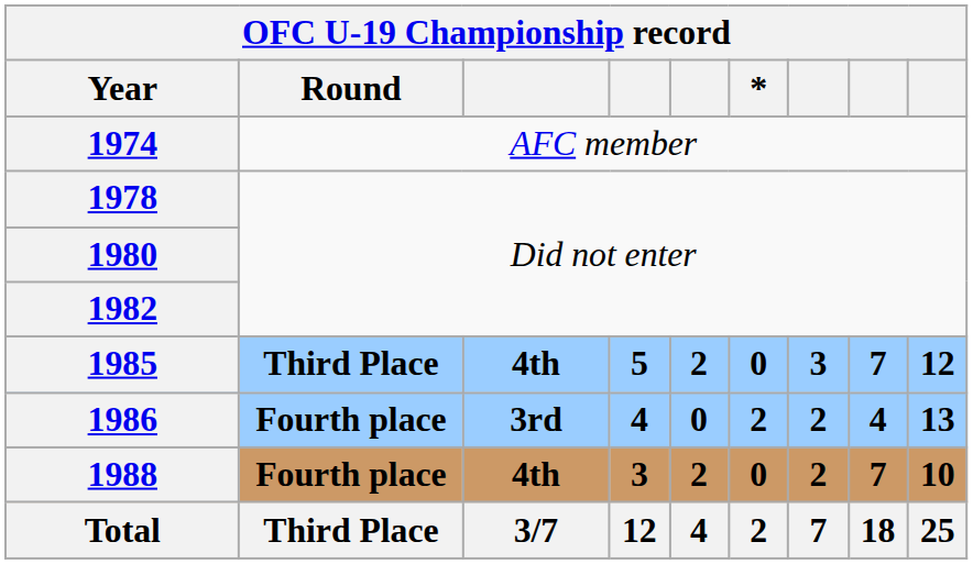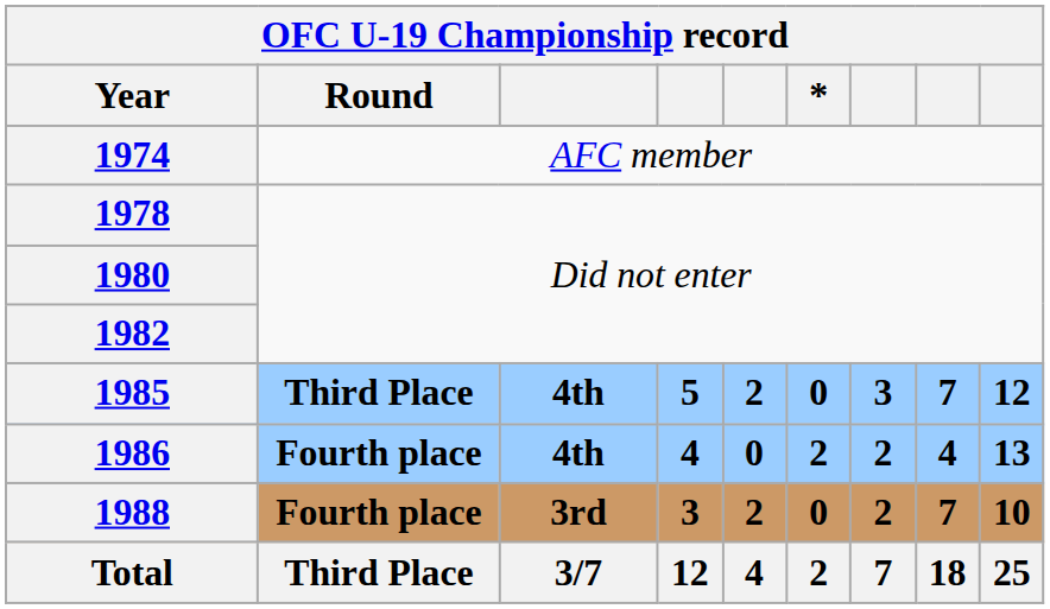 <table class="wikitable" style="text-align:center;">
 <tr>
 <th colspan=9><a href='#'>OFC U-19 Championship</a> record</th>
 </tr>
 <tr>
 <th width=100>Year</th>
 <th width=95>Round</th>
 <th width=60></th>
 <th width=20></th>
 <th width=20></th>
 <th width=20>*</th>
 <th width=20></th>
 <th width=20></th>
 <th width=20></th>
 </tr>
 <tr>
 <th> <a href='#'>1974</a></th>
 <td colspan=8><em><a href='#'>AFC</a> member</em></td>
 </tr>
 <tr>
 <th> <a href='#'>1978</a></th>
 <td colspan=8 rowspan=3><em>Did not enter</em></td>
 </tr>
 <tr>
 <th> <a href='#'>1980</a></th>
 </tr>
 <tr>
 <th> <a href='#'>1982</a></th>
 </tr>
 <tr style="background:#9acdff">
 <th> <a href='#'>1985</a></th>
 <td><strong>Third Place</strong></td>
 <td><strong>4th</strong></td>
 <td><strong>5</strong></td>
 <td><strong>2</strong></td>
 <td><strong>0</strong></td>
 <td><strong>3</strong></td>
 <td><strong>7</strong></td>
 <td><strong>12</strong></td>
 </tr>
 <tr style="background:#9acdff">
 <th> <a href='#'>1986</a></th>
 <td><strong>Fourth place</strong></td>
-<td><strong>3rd</strong></td>
+<td><strong>4th</strong></td>
 <td><strong>4</strong></td>
 <td><strong>0</strong></td>
 <td><strong>2</strong></td>
 <td><strong>2</strong></td>
 <td><strong>4</strong></td>
 <td><strong>13</strong></td>
 </tr>
 <tr bgcolor="#cc9966">
 <th> <a href='#'>1988</a></th>
 <td><strong>Fourth place</strong></td>
-<td><strong>4th</strong></td>
+<td><strong>3rd</strong></td>
 <td><strong>3</strong></td>
 <td><strong>2</strong></td>
 <td><strong>0</strong></td>
 <td><strong>2</strong></td>
 <td><strong>7</strong></td>
 <td><strong>10</strong></td>
 </tr>
 <tr>
 <th>Total</th>
 <th>Third Place</th>
 <th>3/7</th>
 <th>12</th>
 <th>4</th>
 <th>2</th>
 <th>7</th>
 <th>18</th>
 <th>25</th>
 </tr>
 </table>
